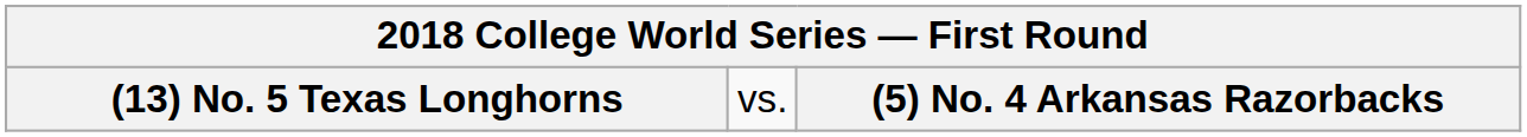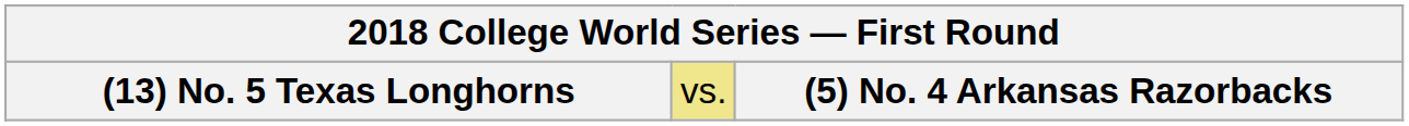 <table class="wikitable">
 <tr>
 <th style="width: 595px;" colspan=3>2018 College World Series — First Round</th>
 </tr>
 <tr>
 <th style="width: 287px; ">(13) No. 5 Texas Longhorns</th>
-<td style="width: 20px; text-align:center">vs.</td>
+<td style="background: khaki; width: 20px; text-align:center">vs.</td>
 <th style="width: 287px; ">(5) No. 4 Arkansas Razorbacks</th>
 </tr>
 </table>
